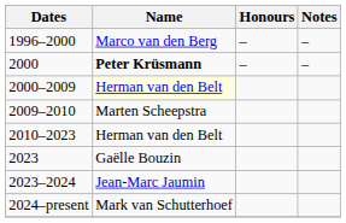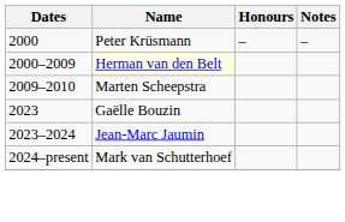 <table class="wikitable">
 <tr>
 <th>Dates</th>
 <th>Name</th>
 <th>Honours</th>
 <th>Notes</th>
 </tr>
 <tr>
-<td>1996–2000</td>
-<td> <a href='#'>Marco van den Berg</a></td>
-<td>–</td>
-<td>–</td>
-</tr>
-<tr>
 <td>2000</td>
-<td><strong> Peter Krüsmann</strong></td>
+<td> Peter Krüsmann</td>
 <td>–</td>
 <td>–</td>
 </tr>
 <tr>
 <td>2000–2009</td>
 <td style="background: lightyellow;"> <a href='#'>Herman van den Belt</a></td>
 <td></td>
 <td></td>
 </tr>
 <tr>
 <td>2009–2010</td>
 <td> Marten Scheepstra</td>
-<td></td>
-<td></td>
-</tr>
-<tr>
-<td>2010–2023</td>
-<td> Herman van den Belt</td>
 <td></td>
 <td></td>
 </tr>
 <tr>
 <td>2023</td>
 <td> Gaëlle Bouzin</td>
 <td></td>
 <td></td>
 </tr>
 <tr>
 <td>2023–2024</td>
 <td> <a href='#'>Jean-Marc Jaumin</a></td>
 <td></td>
 <td></td>
 </tr>
 <tr>
 <td>2024–present</td>
 <td> Mark van Schutterhoef</td>
 <td></td>
 <td></td>
 </tr>
 <tr>
 </tr>
 </table>
